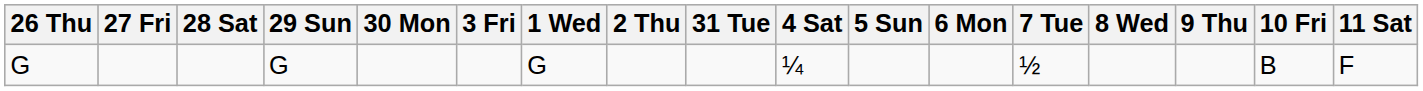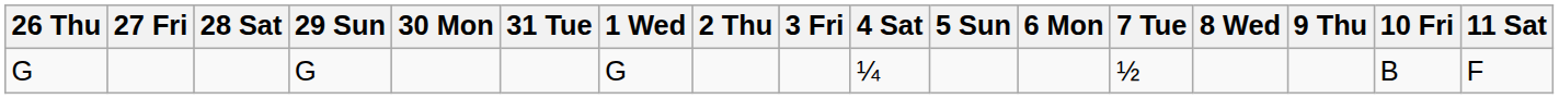 <table class="wikitable olympic-schedule football">
 <tr>
 <th>26 Thu</th>
 <th>27 Fri</th>
 <th>28 Sat</th>
 <th>29 Sun</th>
 <th>30 Mon</th>
-<th>3 Fri</th>
+<th>31 Tue</th>
 <th>1 Wed</th>
 <th>2 Thu</th>
-<th>31 Tue</th>
+<th>3 Fri</th>
 <th>4 Sat</th>
 <th>5 Sun</th>
 <th>6 Mon</th>
 <th>7 Tue</th>
 <th>8 Wed</th>
 <th>9 Thu</th>
 <th>10 Fri</th>
 <th>11 Sat</th>
 </tr>
 <tr>
 <td class="team-group">G</td>
 <td></td>
 <td></td>
 <td class="team-group">G</td>
 <td></td>
 <td></td>
 <td class="team-group">G</td>
 <td></td>
 <td></td>
 <td class="team-qf">¼</td>
 <td></td>
 <td></td>
 <td class="team-sf">½</td>
 <td></td>
 <td></td>
 <td class="team-bronze">B</td>
 <td class="team-final">F</td>
 </tr>
 </table>
